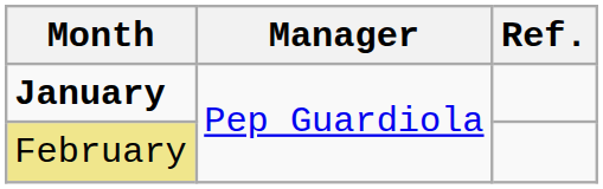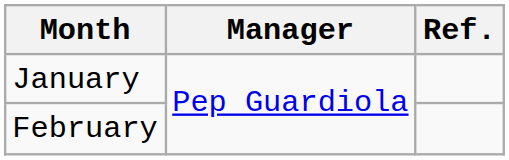 <table class="wikitable">
 <tr>
 <th>Month</th>
 <th>Manager</th>
 <th>Ref.</th>
 </tr>
 <tr>
-<td><strong>January</strong></td>
+<td>January</td>
 <td rowspan="2"> <a href='#'>Pep Guardiola</a></td>
 <td></td>
 </tr>
 <tr>
-<td style="background: khaki;">February</td>
+<td>February</td>
 <td></td>
 </tr>
 </table>
